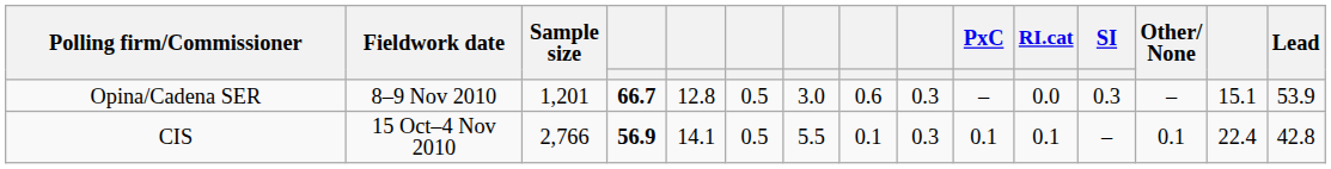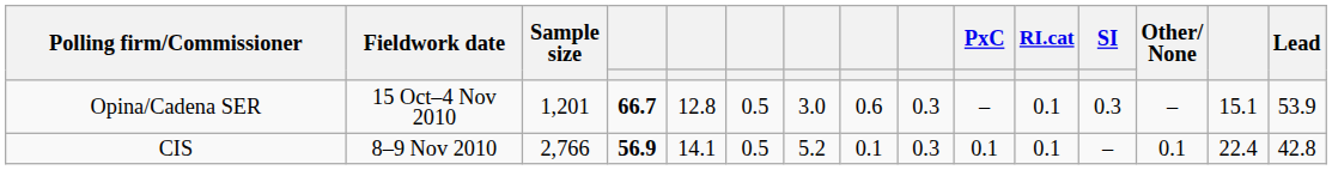 <table class="wikitable collapsible collapsed" style="text-align:center; font-size:90%; line-height:14px;">
 <tr style="height:42px;">
 <th style="width:250px;" rowspan="2">Polling firm/Commissioner</th>
 <th style="width:125px;" rowspan="2">Fieldwork date</th>
 <th style="width:50px;" rowspan="2">Sample size</th>
 <th style="width:35px;"></th>
 <th style="width:35px;"></th>
 <th style="width:35px;"></th>
 <th style="width:35px;"></th>
 <th style="width:35px;"></th>
 <th style="width:35px;"></th>
 <th style="width:35px;"><a href='#'>PxC</a></th>
 <th style="width:35px; font-size:95%;"><a href='#'>RI.cat</a></th>
 <th style="width:35px;"><a href='#'>SI</a></th>
 <th style="width:35px;" rowspan="2">Other/<br>None</th>
 <th style="width:35px;" rowspan="2"></th>
 <th style="width:30px;" rowspan="2">Lead</th>
 </tr>
 <tr>
 <th style="color:inherit;background:"></th>
 <th style="color:inherit;background:"></th>
 <th style="color:inherit;background:"></th>
 <th style="color:inherit;background:"></th>
 <th style="color:inherit;background:"></th>
 <th style="color:inherit;background:"></th>
 <th style="color:inherit;background:"></th>
 <th style="color:inherit;background:"></th>
 <th style="color:inherit;background:"></th>
 </tr>
 <tr>
 <td>Opina/Cadena SER</td>
-<td>8–9 Nov 2010</td>
+<td>15 Oct–4 Nov 2010</td>
 <td>1,201</td>
 <td><strong>66.7</strong></td>
 <td>12.8</td>
 <td>0.5</td>
 <td>3.0</td>
 <td>0.6</td>
 <td>0.3</td>
 <td>–</td>
-<td>0.0</td>
+<td>0.1</td>
 <td>0.3</td>
 <td>–</td>
 <td>15.1</td>
 <td style="background:">53.9</td>
 </tr>
 <tr>
 <td>CIS</td>
-<td>15 Oct–4 Nov 2010</td>
+<td>8–9 Nov 2010</td>
 <td>2,766</td>
 <td><strong>56.9</strong></td>
 <td>14.1</td>
 <td>0.5</td>
-<td>5.5</td>
+<td>5.2</td>
 <td>0.1</td>
 <td>0.3</td>
 <td>0.1</td>
 <td>0.1</td>
 <td>–</td>
 <td>0.1</td>
 <td>22.4</td>
 <td style="background:">42.8</td>
 </tr>
 </table>
